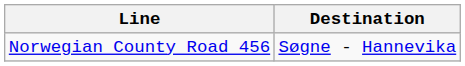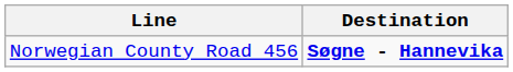 <table class="wikitable sortable">
 <tr>
 <th>Line</th>
 <th>Destination</th>
 </tr>
 <tr>
 <td><a href='#'>Norwegian County Road 456</a></td>
-<td><a href='#'>Søgne</a> - <a href='#'>Hannevika</a></td>
+<td><strong><a href='#'>Søgne</a> - <a href='#'>Hannevika</a></strong></td>
 </tr>
 </table>
